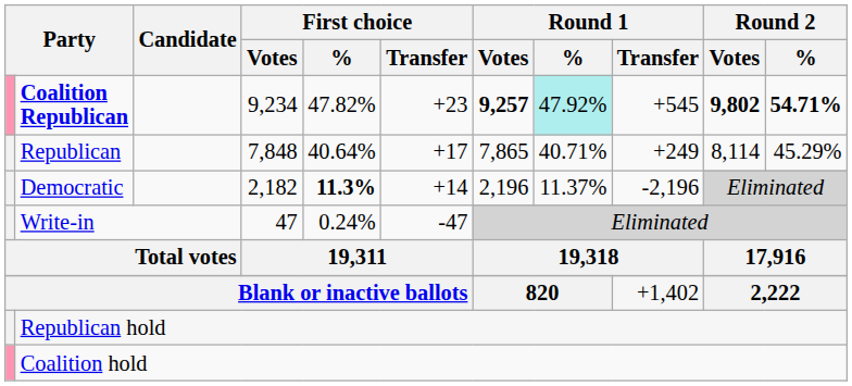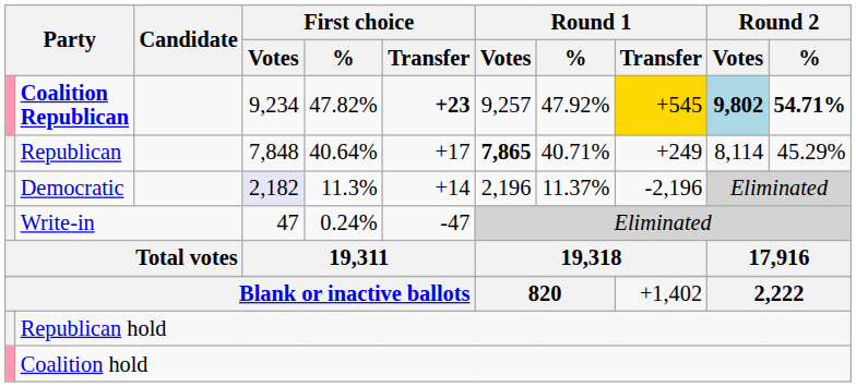 <table class="wikitable sortable" style="text-align:right">
 <tr>
 <th colspan=2 rowspan=2>Party</th>
 <th rowspan=2>Candidate</th>
 <th colspan=3>First choice</th>
 <th colspan=3>Round 1</th>
 <th colspan=3>Round 2</th>
 </tr>
 <tr>
 <th>Votes</th>
 <th>%</th>
 <th>Transfer</th>
 <th>Votes</th>
 <th>%</th>
 <th>Transfer</th>
 <th>Votes</th>
 <th>%</th>
 </tr>
 <tr>
 <th style="background-color:#ff95b3ff"></th>
 <td style="text-align:left"><strong><a href='#'>Coalition Republican</a></strong></td>
 <td style="text-align:left" scope="row"><strong></strong></td>
 <td>9,234</td>
 <td>47.82%</td>
-<td>+23</td>
-<td><strong>9,257</strong></td>
-<td style="background: paleturquoise;">47.92%</td>
-<td>+545</td>
-<td><strong>9,802 </strong></td>
+<td><strong>+23</strong></td>
+<td>9,257</td>
+<td>47.92%</td>
+<td style="background: gold;">+545</td>
+<td style="background: lightblue;"><strong>9,802 </strong></td>
 <td><strong>54.71%</strong></td>
 </tr>
 <tr>
 <th style="background-color:"></th>
 <td style="text-align:left"><a href='#'>Republican</a></td>
 <td style="text-align:left" scope="row"></td>
 <td>7,848</td>
 <td>40.64%</td>
 <td>+17</td>
-<td>7,865</td>
+<td><strong>7,865</strong></td>
 <td>40.71%</td>
 <td>+249</td>
 <td>8,114</td>
 <td>45.29%</td>
 </tr>
 <tr>
 <th style="background-color:"></th>
 <td style="text-align:left"><a href='#'>Democratic</a></td>
 <td style="text-align:left" scope="row"></td>
-<td>2,182</td>
-<td><strong>11.3%</strong></td>
+<td style="background: lavender;">2,182</td>
+<td>11.3%</td>
 <td>+14</td>
 <td>2,196</td>
 <td>11.37%</td>
 <td>-2,196</td>
 <td colspan="2"  style="background:lightgrey; text-align:center;"><em>Eliminated</em></td>
 </tr>
 <tr>
 <th style="background-color:"></th>
 <td style="text-align:left" colspan=2><a href='#'>Write-in</a></td>
 <td>47</td>
 <td>0.24%</td>
 <td>-47</td>
 <td colspan="5"  style="background:lightgrey; text-align:center;"><em>Eliminated</em></td>
 </tr>
 <tr class="sortbottom" style="background-color:#F6F6F6">
 <th colspan=3 scope="row" style="text-align:right;"><strong>Total votes</strong></th>
 <th colspan=3><strong>19,311</strong></th>
 <th colspan=3><strong>19,318</strong></th>
 <th colspan=3><strong>17,916</strong></th>
 </tr>
 <tr class="sortbottom">
 </tr>
 <tr class="sortbottom" style="background-color:#F6F6F6">
 <th colspan=6 scope="row" style="text-align:right;"><a href='#'>Blank or inactive ballots</a></th>
 <th colspan=2>820</th>
 <td>+1,402</td>
 <th colspan=2>2,222</th>
 </tr>
 <tr class="sortbottom" style="background:#f6f6f6;">
 <th style="background-color:"></th>
 <td colspan="13" style="text-align:left"><a href='#'>Republican</a> hold</td>
 </tr>
 <tr>
 <th style="background-color:#ff95b3ff"></th>
 <td colspan="13" style="text-align:left"><a href='#'>Coalition</a> hold</td>
 </tr>
 </table>
